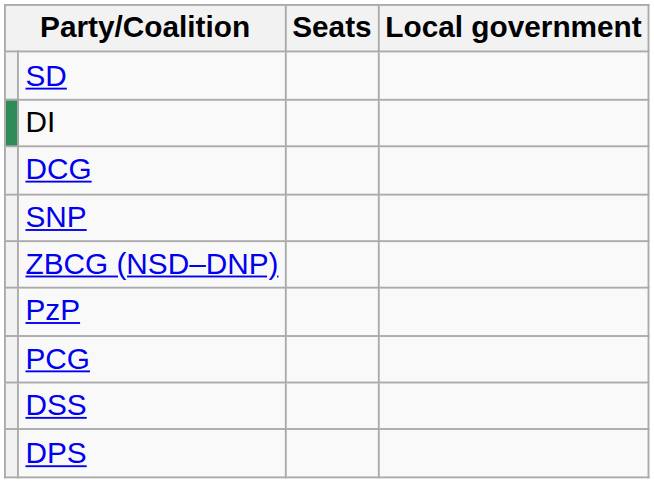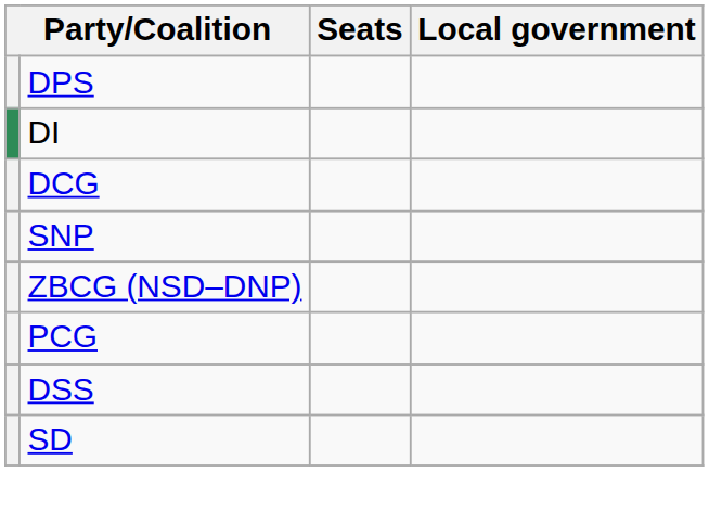 <table class="wikitable" style="text-align:left;">
 <tr>
 <th colspan=2>Party/Coalition</th>
 <th>Seats</th>
 <th>Local government</th>
 </tr>
 <tr>
-<th style="background:"></th>
-<td><a href='#'>SD</a></td>
+<th style="background-color: "></th>
+<td><a href='#'>DPS</a></td>
 <td></td>
 <td></td>
 </tr>
 <tr>
 <th style="background-color: #2E8B57 "></th>
 <td>DI </td>
 <td></td>
 <td></td>
 </tr>
 <tr>
 <th style="background-color: "></th>
 <td><a href='#'>DCG</a></td>
 <td></td>
 <td></td>
 </tr>
 <tr>
 <th style="background-color: "></th>
 <td><a href='#'>SNP</a></td>
 <td></td>
 <td></td>
 </tr>
 <tr>
 <th style="background-color: "></th>
 <td><a href='#'>ZBCG (NSD–DNP)</a></td>
 <td></td>
 <td></td>
 </tr>
 <tr>
-<th style="background-color:"></th>
-<td><a href='#'>PzP</a></td>
-<td></td>
-<td></td>
-</tr>
-<tr>
 <th style="background-color: "></th>
 <td><a href='#'>PCG</a></td>
 <td></td>
 <td></td>
 </tr>
 <tr>
 <th style="background-color: "></th>
 <td><a href='#'>DSS</a></td>
 <td></td>
 <td></td>
 </tr>
 <tr>
-<th style="background-color: "></th>
-<td><a href='#'>DPS</a></td>
+<th style="background:"></th>
+<td><a href='#'>SD</a></td>
 <td></td>
 <td></td>
 </tr>
 </table>
